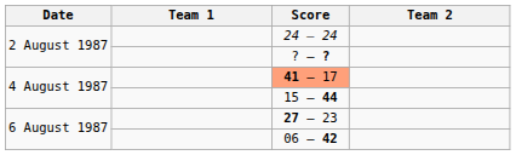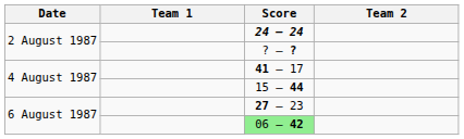 <table class="wikitable" style="font-size:95%; text-align:right">
 <tr>
 <th>Date</th>
 <th width=150px>Team 1</th>
 <th width=70px>Score</th>
 <th width=150px>Team 2</th>
 </tr>
 <tr>
 <td rowspan="2">2 August 1987</td>
 <td></td>
-<td align=center><em>24 – 24</em></td>
+<td align=center><strong><em>24 – 24</em></strong></td>
 <td align="left"></td>
 </tr>
 <tr>
 <td></td>
 <td align=center>? – <strong>?</strong></td>
 <td align="left"><strong></strong></td>
 </tr>
 <tr>
 <td rowspan="2">4 August 1987</td>
 <td><strong></strong></td>
-<td align=center style="background: lightsalmon;"><strong>41</strong> – 17</td>
+<td align=center><strong>41</strong> – 17</td>
 <td align="left"></td>
 </tr>
 <tr>
 <td></td>
 <td align=center>15 – <strong>44</strong></td>
 <td align="left"><strong></strong></td>
 </tr>
 <tr>
 <td rowspan="2">6 August 1987</td>
 <td><strong></strong></td>
 <td align=center><strong>27</strong> – 23</td>
 <td align="left"></td>
 </tr>
 <tr>
 <td></td>
-<td align=center>06 – <strong>42</strong></td>
+<td align=center style="background: lightgreen;">06 – <strong>42</strong></td>
 <td align="left"><strong></strong></td>
 </tr>
 </table>
